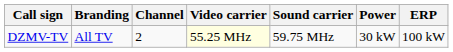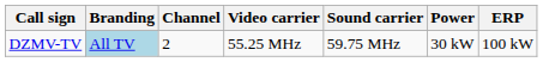 <table class=wikitable sortable>
 <tr>
 <th>Call sign</th>
 <th>Branding</th>
 <th>Channel</th>
 <th>Video carrier</th>
 <th>Sound carrier</th>
 <th>Power</th>
 <th>ERP</th>
 </tr>
 <tr>
 <td><a href='#'>DZMV-TV</a></td>
-<td><a href='#'>All TV</a></td>
+<td style="background: lightblue;"><a href='#'>All TV</a></td>
 <td>2</td>
-<td style="background: lightyellow;">55.25 MHz</td>
+<td>55.25 MHz</td>
 <td>59.75 MHz</td>
 <td>30 kW</td>
 <td>100 kW</td>
 </tr>
 </table>
